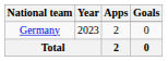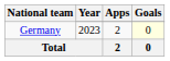 <table class="wikitable" style="text-align:center">
 <tr>
 <th>National team</th>
 <th>Year</th>
 <th>Apps</th>
 <th>Goals</th>
 </tr>
 <tr>
 <td rowspan="2"><a href='#'>Germany</a></td>
 </tr>
 <tr>
 <td>2023</td>
 <td>2</td>
-<td>0</td>
+<td style="background: lightyellow;">0</td>
 </tr>
 <tr>
 <th colspan="2">Total</th>
 <th>2</th>
 <th>0</th>
 </tr>
 </table>
